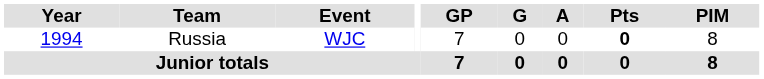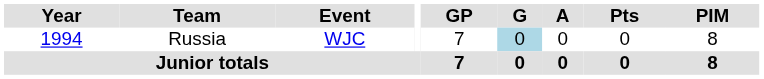 <table border="0" cellpadding="1" cellspacing="0" ID="Table3" style="text-align:center; width:40em">
 <tr bgcolor="#e0e0e0">
 <th>Year</th>
 <th>Team</th>
 <th>Event</th>
 <th rowspan="102" bgcolor="#ffffff"></th>
 <th>GP</th>
 <th>G</th>
 <th>A</th>
 <th>Pts</th>
 <th>PIM</th>
 </tr>
 <tr>
 <td><a href='#'>1994</a></td>
 <td>Russia</td>
 <td><a href='#'>WJC</a></td>
 <td>7</td>
+<td style="background: lightblue;">0</td>
 <td>0</td>
 <td>0</td>
-<td><strong>0</strong></td>
 <td>8</td>
 </tr>
 <tr bgcolor="#e0e0e0">
 <th colspan="4">Junior totals</th>
 <th>7</th>
 <th>0</th>
 <th>0</th>
 <th>0</th>
 <th>8</th>
 </tr>
 </table>
